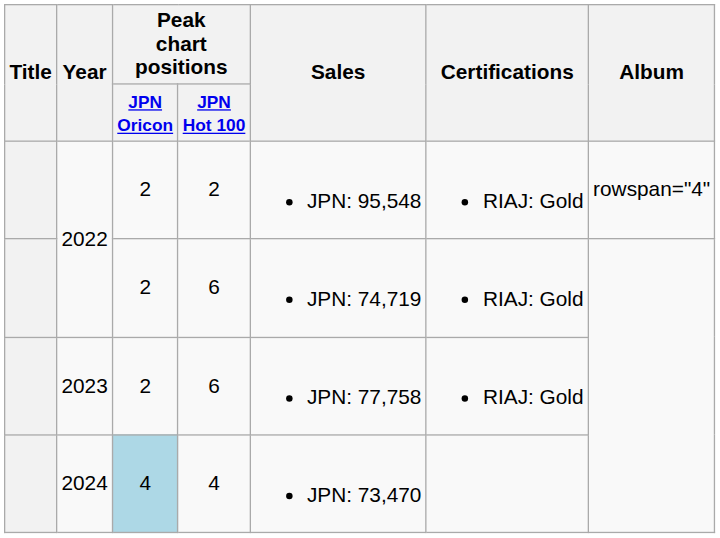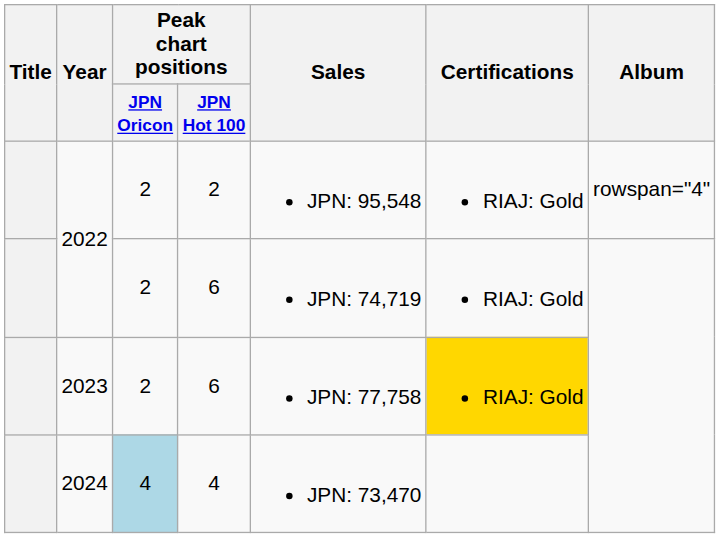 <table class="wikitable plainrowheaders" style="text-align:center;">
 <tr>
 <th scope="col" rowspan="2">Title</th>
 <th scope="col" rowspan="2">Year</th>
 <th scope="col" colspan="2">Peak<br>chart<br>positions</th>
 <th scope="col" rowspan="2">Sales</th>
 <th scope="col" rowspan="2">Certifications</th>
 <th scope="col" rowspan="2">Album</th>
 </tr>
 <tr>
 <th scope="col" colspan="1"><small><a href='#'>JPN<br>Oricon</a></small><br></th>
 <th scope="col"><small><a href='#'>JPN<br>Hot 100</a></small><br></th>
 </tr>
 <tr>
 <th scope="row"></th>
 <td rowspan="2">2022</td>
 <td>2</td>
 <td>2</td>
 <td><br><ul><li>JPN: 95,548</li></ul></td>
 <td><br><ul><li>RIAJ: Gold </li></ul></td>
 <td>rowspan="4" </td>
 </tr>
 <tr>
 <th scope="row"></th>
 <td>2</td>
 <td>6</td>
 <td><br><ul><li>JPN: 74,719</li></ul></td>
 <td><br><ul><li>RIAJ: Gold </li></ul></td>
 </tr>
 <tr>
 <th scope="row"></th>
 <td>2023</td>
 <td>2</td>
 <td>6</td>
 <td><br><ul><li>JPN: 77,758</li></ul></td>
-<td><br><ul><li>RIAJ: Gold </li></ul></td>
+<td style="background: gold;"><br><ul><li>RIAJ: Gold </li></ul></td>
 </tr>
 <tr>
 <th scope="row"></th>
 <td>2024</td>
 <td style="background: lightblue;">4</td>
 <td>4</td>
 <td><br><ul><li>JPN: 73,470</li></ul></td>
 <td></td>
 </tr>
 </table>
